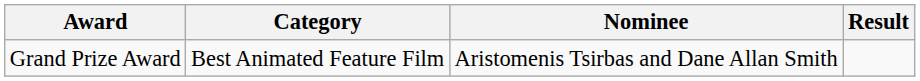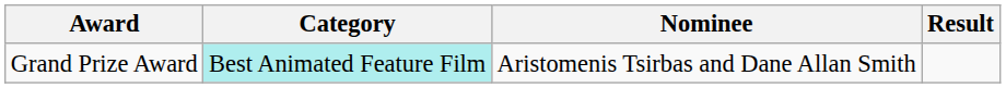 <table class="wikitable sortable">
 <tr>
 <th>Award</th>
 <th>Category</th>
 <th>Nominee</th>
 <th>Result</th>
 </tr>
 <tr>
 <td rowspan="2">Grand Prize Award</td>
-<td>Best Animated Feature Film</td>
+<td style="background: paleturquoise;">Best Animated Feature Film</td>
 <td>Aristomenis Tsirbas and Dane Allan Smith</td>
 <td></td>
 </tr>
 </table>
